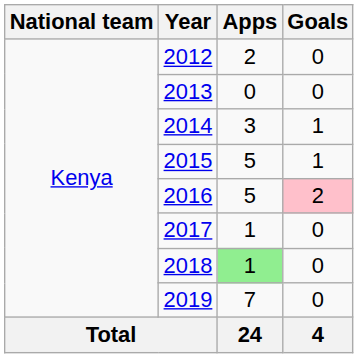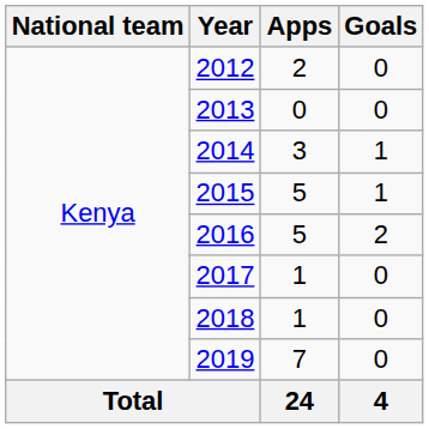 <table class="wikitable" style="text-align:center">
 <tr>
 <th>National team</th>
 <th>Year</th>
 <th>Apps</th>
 <th>Goals</th>
 </tr>
 <tr>
 <td rowspan="8"><a href='#'>Kenya</a></td>
 <td><a href='#'>2012</a></td>
 <td>2</td>
 <td>0</td>
 </tr>
 <tr>
 <td><a href='#'>2013</a></td>
 <td>0</td>
 <td>0</td>
 </tr>
 <tr>
 <td><a href='#'>2014</a></td>
 <td>3</td>
 <td>1</td>
 </tr>
 <tr>
 <td><a href='#'>2015</a></td>
 <td>5</td>
 <td>1</td>
 </tr>
 <tr>
 <td><a href='#'>2016</a></td>
 <td>5</td>
-<td style="background: pink;">2</td>
+<td>2</td>
 </tr>
 <tr>
 <td><a href='#'>2017</a></td>
 <td>1</td>
 <td>0</td>
 </tr>
 <tr>
 <td><a href='#'>2018</a></td>
-<td style="background: lightgreen;">1</td>
+<td>1</td>
 <td>0</td>
 </tr>
 <tr>
 <td><a href='#'>2019</a></td>
 <td>7</td>
 <td>0</td>
 </tr>
 <tr>
 <th colspan="2">Total</th>
 <th>24</th>
 <th>4</th>
 </tr>
 </table>
